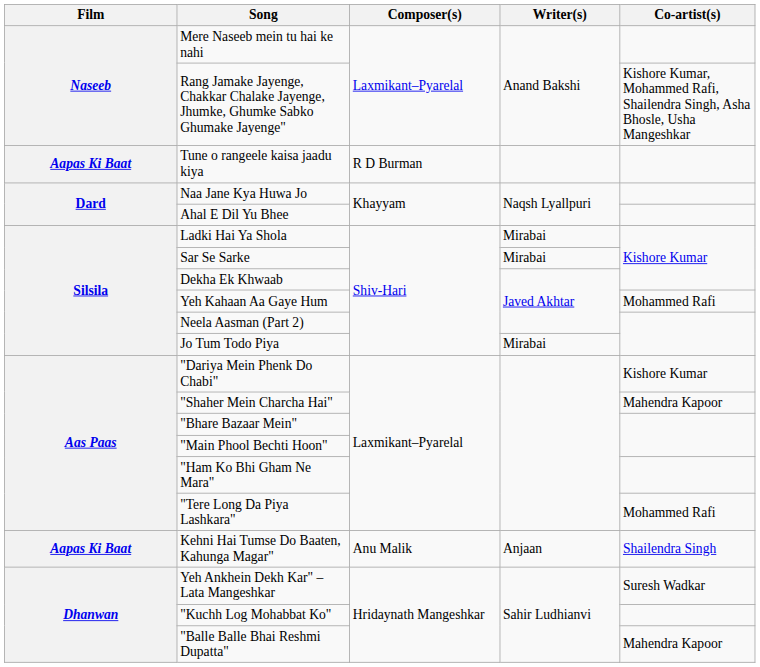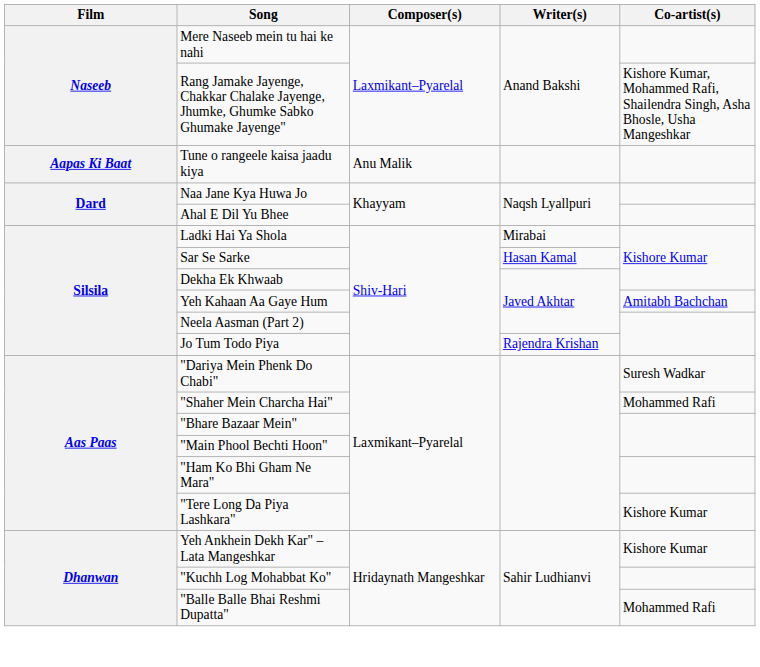 <table class="wikitable plainrowheaders" style="width:100%; textcolor:#000">
 <tr style="background:#b0e0e66;">
 <th scope="col" style="width:23%;"><strong>Film</strong></th>
 <th scope="col" style="width:23%;"><strong>Song</strong></th>
 <th scope="col" style="width:20%;"><strong>Composer(s)</strong></th>
 <th scope="col" style="width:16%;"><strong>Writer(s)</strong></th>
 <th scope="col" style="width:18%;"><strong>Co-artist(s)</strong></th>
 </tr>
 <tr>
 <th Rowspan=2><em><a href='#'>Naseeb</a></em></th>
 <td>Mere Naseeb mein tu hai ke nahi</td>
 <td rowspan=2><a href='#'>Laxmikant–Pyarelal</a></td>
 <td rowspan=2>Anand Bakshi</td>
 <td></td>
 </tr>
 <tr>
 <td>Rang Jamake Jayenge, Chakkar Chalake Jayenge, Jhumke, Ghumke Sabko Ghumake Jayenge"</td>
 <td>Kishore Kumar, Mohammed Rafi, Shailendra Singh, Asha Bhosle, Usha Mangeshkar</td>
 </tr>
 <tr>
 <th><em><a href='#'>Aapas Ki Baat</a></em></th>
 <td>Tune o rangeele kaisa jaadu kiya</td>
-<td>R D Burman</td>
+<td>Anu Malik</td>
 <td></td>
 </tr>
 <tr>
 <th Rowspan=2><a href='#'>Dard</a></th>
 <td>Naa Jane Kya Huwa Jo</td>
 <td rowspan=2>Khayyam</td>
 <td rowspan=2>Naqsh Lyallpuri</td>
 <td></td>
 </tr>
 <tr>
 <td>Ahal E Dil Yu Bhee</td>
 <td></td>
 </tr>
 <tr>
 <th rowspan="6"><a href='#'>Silsila</a></th>
 <td>Ladki Hai Ya Shola</td>
 <td rowspan="6"><a href='#'>Shiv-Hari</a></td>
 <td>Mirabai</td>
 <td rowspan="3"><a href='#'>Kishore Kumar</a></td>
 </tr>
 <tr>
 <td>Sar Se Sarke</td>
-<td>Mirabai</td>
+<td><a href='#'>Hasan Kamal</a></td>
 </tr>
 <tr>
 <td>Dekha Ek Khwaab</td>
 <td rowspan="3"><a href='#'>Javed Akhtar</a></td>
 </tr>
 <tr>
 <td>Yeh Kahaan Aa Gaye Hum</td>
-<td>Mohammed Rafi</td>
+<td><a href='#'>Amitabh Bachchan</a></td>
 </tr>
 <tr>
 <td>Neela Aasman (Part 2)</td>
 </tr>
 <tr>
 <td>Jo Tum Todo Piya</td>
-<td>Mirabai</td>
+<td><a href='#'>Rajendra Krishan</a></td>
 </tr>
 <tr>
 <th Rowspan=6><em><a href='#'>Aas Paas</a></em></th>
 <td>"Dariya Mein Phenk Do Chabi"</td>
 <td rowspan=6>Laxmikant–Pyarelal</td>
 <td rowspan=6></td>
-<td>Kishore Kumar</td>
+<td>Suresh Wadkar</td>
 </tr>
 <tr>
 <td>"Shaher Mein Charcha Hai"</td>
-<td>Mahendra Kapoor</td>
+<td>Mohammed Rafi</td>
 </tr>
 <tr>
 <td>"Bhare Bazaar Mein"</td>
 <td rowspan=2></td>
 </tr>
 <tr>
 <td>"Main Phool Bechti Hoon"</td>
 </tr>
 <tr>
 <td>"Ham Ko Bhi Gham Ne Mara"</td>
 </tr>
 <tr>
 <td>"Tere Long Da Piya Lashkara"</td>
-<td>Mohammed Rafi</td>
-</tr>
-<tr>
-<th><em><a href='#'>Aapas Ki Baat</a></em></th>
-<td>Kehni Hai Tumse Do Baaten, Kahunga Magar"</td>
-<td>Anu Malik</td>
-<td>Anjaan</td>
-<td><a href='#'>Shailendra Singh</a></td>
+<td>Kishore Kumar</td>
 </tr>
 <tr>
 <th Rowspan=3><em><a href='#'>Dhanwan</a></em></th>
 <td>Yeh Ankhein Dekh Kar" – Lata Mangeshkar</td>
 <td rowspan=3>Hridaynath Mangeshkar</td>
 <td rowspan=3>Sahir Ludhianvi</td>
-<td>Suresh Wadkar</td>
+<td>Kishore Kumar</td>
 </tr>
 <tr>
 <td>"Kuchh Log Mohabbat Ko"</td>
 <td></td>
 </tr>
 <tr>
 <td>"Balle Balle Bhai Reshmi Dupatta"</td>
-<td>Mahendra Kapoor</td>
+<td>Mohammed Rafi</td>
 </tr>
 </table>
